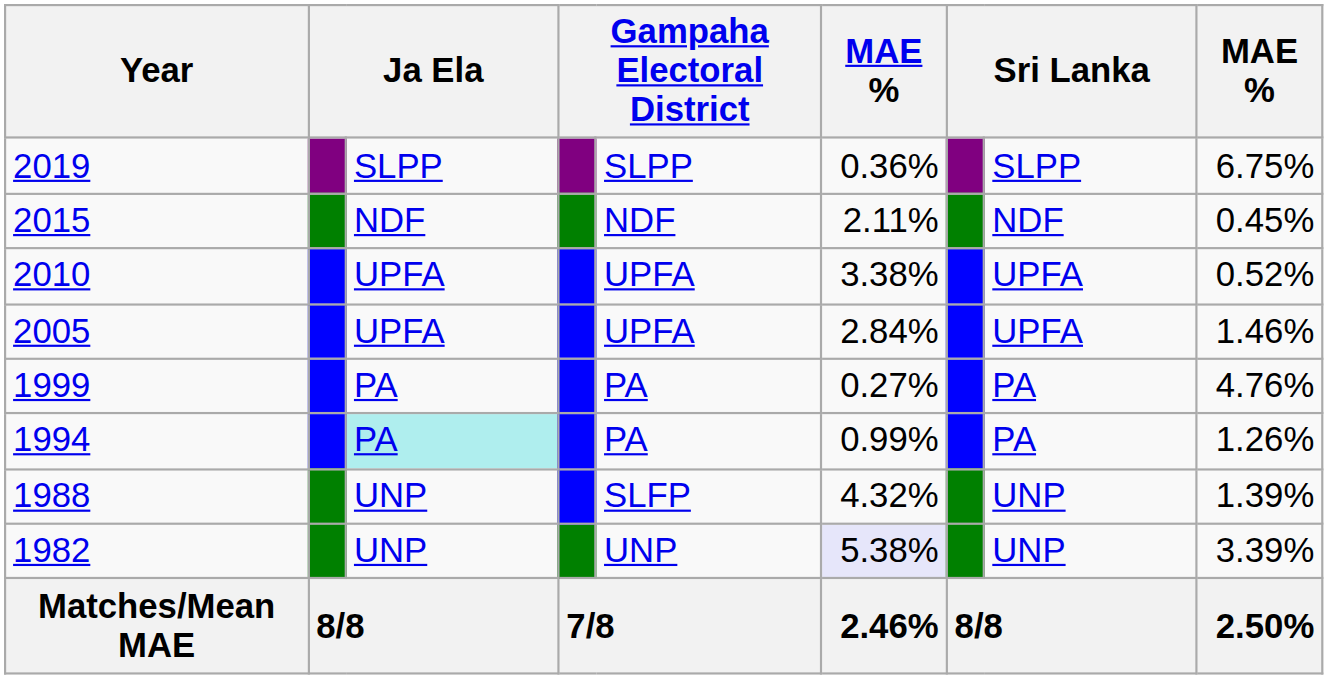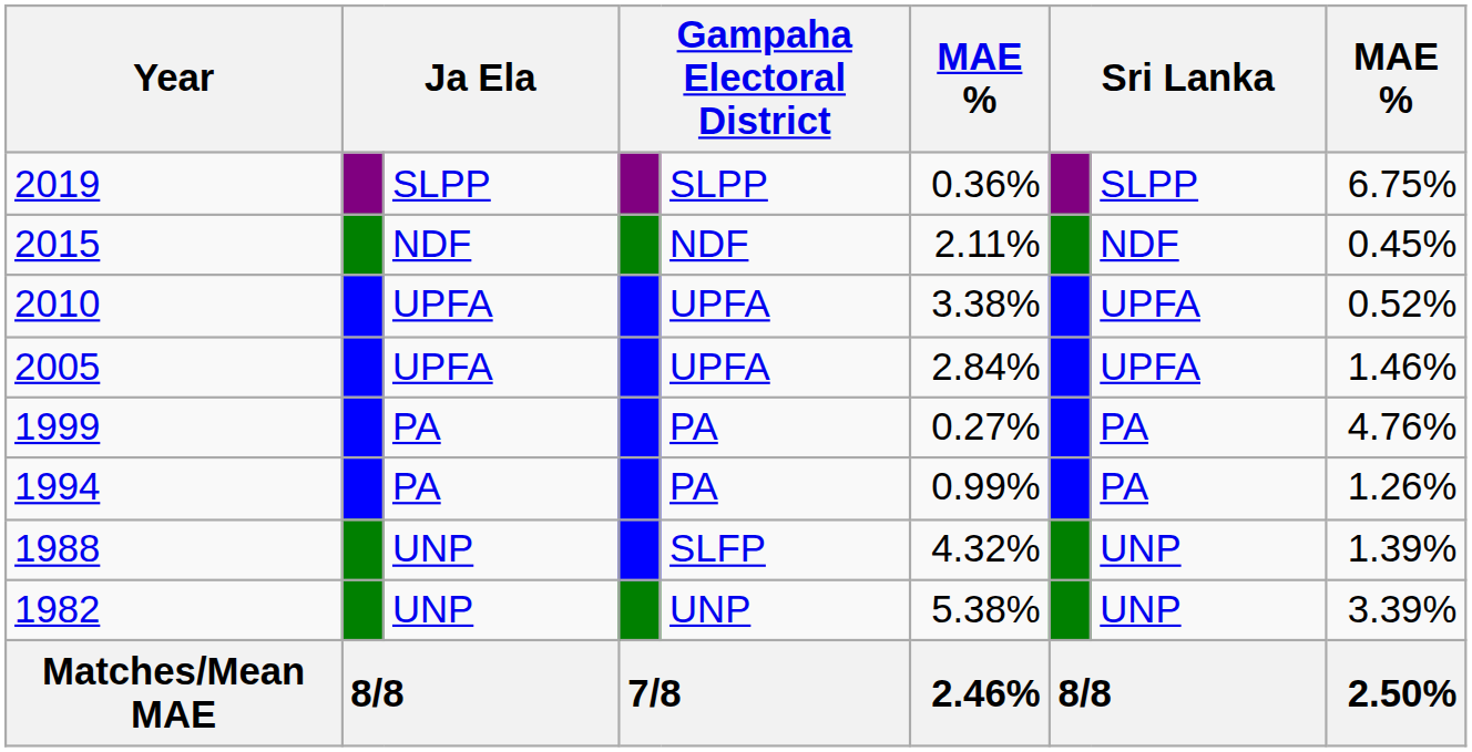 <table class="wikitable">
 <tr>
 <th>Year</th>
 <th colspan="2" width="144px">Ja Ela</th>
 <th colspan="2" width="144px"><a href='#'>Gampaha Electoral District</a></th>
 <th><a href='#'>MAE</a> %</th>
 <th colspan="2" width="144px">Sri Lanka</th>
 <th>MAE %</th>
 </tr>
 <tr>
 <td><a href='#'>2019</a></td>
 <td style="background-color:purple;" width="10px"></td>
 <td style="text-align:left;"><a href='#'>SLPP</a></td>
 <td style="background-color:purple;" width="10px"></td>
 <td style="text-align:left;"><a href='#'>SLPP</a></td>
 <td style="text-align:right;">0.36%</td>
 <td style="background-color:purple;" width="10px"></td>
 <td style="text-align:left;"><a href='#'>SLPP</a></td>
 <td style="text-align:right;">6.75%</td>
 </tr>
 <tr>
 <td><a href='#'>2015</a></td>
 <td style="background-color:green;" width="10px"></td>
 <td style="text-align:left;"><a href='#'>NDF</a></td>
 <td style="background-color:green;" width="10px"></td>
 <td style="text-align:left;"><a href='#'>NDF</a></td>
 <td style="text-align:right;">2.11%</td>
 <td style="background-color:green;" width="10px"></td>
 <td style="text-align:left;"><a href='#'>NDF</a></td>
 <td style="text-align:right;">0.45%</td>
 </tr>
 <tr>
 <td><a href='#'>2010</a></td>
 <td style="background-color:blue;" width="10px"></td>
 <td style="text-align:left;"><a href='#'>UPFA</a></td>
 <td style="background-color:blue;" width="10px"></td>
 <td style="text-align:left;"><a href='#'>UPFA</a></td>
 <td style="text-align:right;">3.38%</td>
 <td style="background-color:blue;" width="10px"></td>
 <td style="text-align:left;"><a href='#'>UPFA</a></td>
 <td style="text-align:right;">0.52%</td>
 </tr>
 <tr>
 <td><a href='#'>2005</a></td>
 <td style="background-color:blue;" width="10px"></td>
 <td style="text-align:left;"><a href='#'>UPFA</a></td>
 <td style="background-color:blue;" width="10px"></td>
 <td style="text-align:left;"><a href='#'>UPFA</a></td>
 <td style="text-align:right;">2.84%</td>
 <td style="background-color:blue;" width="10px"></td>
 <td style="text-align:left;"><a href='#'>UPFA</a></td>
 <td style="text-align:right;">1.46%</td>
 </tr>
 <tr>
 <td><a href='#'>1999</a></td>
 <td style="background-color:blue;" width="10px"></td>
 <td style="text-align:left;"><a href='#'>PA</a></td>
 <td style="background-color:blue;" width="10px"></td>
 <td style="text-align:left;"><a href='#'>PA</a></td>
 <td style="text-align:right;">0.27%</td>
 <td style="background-color:blue;" width="10px"></td>
 <td style="text-align:left;"><a href='#'>PA</a></td>
 <td style="text-align:right;">4.76%</td>
 </tr>
 <tr>
 <td><a href='#'>1994</a></td>
 <td style="background-color:blue;" width="10px"></td>
-<td style="background: paleturquoise; text-align:left;"><a href='#'>PA</a></td>
+<td style="text-align:left;"><a href='#'>PA</a></td>
 <td style="background-color:blue;" width="10px"></td>
 <td style="text-align:left;"><a href='#'>PA</a></td>
 <td style="text-align:right;">0.99%</td>
 <td style="background-color:blue;" width="10px"></td>
 <td style="text-align:left;"><a href='#'>PA</a></td>
 <td style="text-align:right;">1.26%</td>
 </tr>
 <tr>
 <td><a href='#'>1988</a></td>
 <td style="background-color:green;" width="10px"></td>
 <td style="text-align:left;"><a href='#'>UNP</a></td>
 <td style="background-color:blue;" width="10px"></td>
 <td style="text-align:left;"><a href='#'>SLFP</a></td>
 <td style="text-align:right;">4.32%</td>
 <td style="background-color:green;" width="10px"></td>
 <td style="text-align:left;"><a href='#'>UNP</a></td>
 <td style="text-align:right;">1.39%</td>
 </tr>
 <tr>
 <td><a href='#'>1982</a></td>
 <td style="background-color:green;" width="10px"></td>
 <td style="text-align:left;"><a href='#'>UNP</a></td>
 <td style="background-color:green;" width="10px"></td>
 <td style="text-align:left;"><a href='#'>UNP</a></td>
-<td style="background: lavender; text-align:right;">5.38%</td>
+<td style="text-align:right;">5.38%</td>
 <td style="background-color:green;" width="10px"></td>
 <td style="text-align:left;"><a href='#'>UNP</a></td>
 <td style="text-align:right;">3.39%</td>
 </tr>
 <tr>
 <th>Matches/Mean MAE</th>
 <th style="text-align:left;"colspan="2" width="144px">8/8</th>
 <th style="text-align:left;"colspan="2" width="144px">7/8</th>
 <th style="text-align:right;">2.46%</th>
 <th style="text-align:left;"colspan="2" width="144px">8/8</th>
 <th style="text-align:right;">2.50%</th>
 </tr>
 </table>
